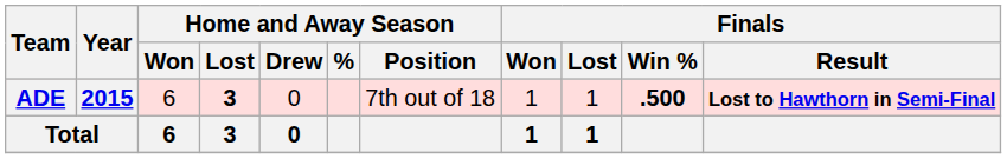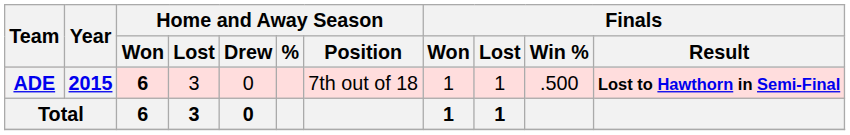 <table class="wikitable" style="font-size: 95%; text-align:center;">
 <tr>
 <th rowspan="2">Team</th>
 <th rowspan="2">Year</th>
 <th colspan="5">Home and Away Season</th>
 <th colspan="4">Finals</th>
 </tr>
 <tr>
 <th>Won</th>
 <th>Lost</th>
 <th>Drew</th>
 <th>%</th>
 <th>Position</th>
 <th>Won</th>
 <th>Lost</th>
 <th>Win %</th>
 <th>Result</th>
 </tr>
 <tr ! style="background:#fdd;">
 <th><a href='#'>ADE</a></th>
 <th><a href='#'>2015</a></th>
-<td>6</td>
-<td><strong>3</strong></td>
+<td><strong>6</strong></td>
+<td>3</td>
 <td>0</td>
 <td></td>
 <td>7th out of 18</td>
 <td>1</td>
 <td>1</td>
-<td><strong>.500</strong></td>
+<td>.500</td>
 <td><small><strong>Lost to <a href='#'>Hawthorn</a> in <a href='#'>Semi-Final</a></strong></small></td>
 </tr>
 <tr !>
 <th colspan="2">Total</th>
 <th>6</th>
 <th>3</th>
 <th>0</th>
 <th></th>
 <th></th>
 <th>1</th>
 <th>1</th>
 <th></th>
 <th></th>
 </tr>
 <tr>
 </tr>
 </table>
